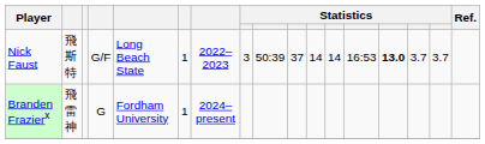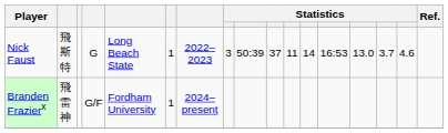 <table class="wikitable sortable" style="font-size:95%; text-align:right;">
 <tr>
 <th rowspan="2">Player</th>
 <th rowspan="2"></th>
 <th rowspan="2"></th>
 <th rowspan="2"></th>
 <th rowspan="2"></th>
 <th rowspan="2"></th>
 <th rowspan="2"></th>
 <th colspan="9">Statistics</th>
 <th rowspan="2">Ref.</th>
 </tr>
 <tr>
 <th></th>
 <th></th>
 <th></th>
 <th></th>
 <th></th>
 <th></th>
 <th></th>
 <th></th>
 <th></th>
 </tr>
 <tr>
 <td align="left"><a href='#'>Nick Faust</a></td>
 <td align="left">飛斯特</td>
 <td align="center"></td>
-<td align="center">G/F</td>
+<td align="center">G</td>
 <td align="left"><a href='#'>Long Beach State</a></td>
 <td align="center">1</td>
 <td align="center"><a href='#'>2022–2023</a></td>
 <td>3</td>
 <td>50:39</td>
 <td>37</td>
-<td>14</td>
+<td>11</td>
 <td>14</td>
 <td>16:53</td>
-<td><strong>13.0</strong></td>
+<td>13.0</td>
 <td>3.7</td>
-<td>3.7</td>
+<td>4.6</td>
 <td align="center"></td>
 </tr>
 <tr>
 <td align="left" bgcolor="#CCFFCC"><a href='#'>Branden Frazier</a><sup>x</sup></td>
 <td align="left">飛雷神</td>
 <td align="center"></td>
-<td align="center">G</td>
+<td align="center">G/F</td>
 <td align="left"><a href='#'>Fordham University</a></td>
 <td align="center">1</td>
 <td align="center"><a href='#'>2024–present</a></td>
 <td></td>
 <td></td>
 <td></td>
 <td></td>
 <td></td>
 <td></td>
 <td></td>
 <td></td>
 <td></td>
 <td align="center"></td>
 </tr>
 <tr>
 </tr>
 </table>
